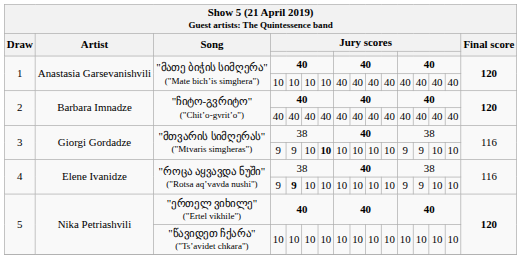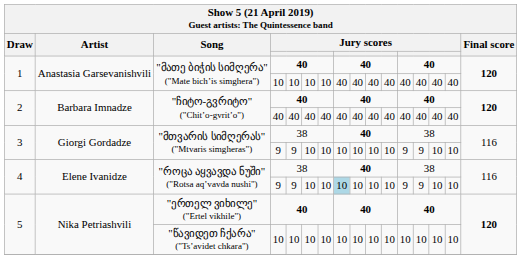 <table class="sortable wikitable" style="text-align:center;margin:1em auto 1em auto">
 <tr>
 <th colspan=16>Show 5 (21 April 2019)<br><small>Guest artists: The Quintessence band</small></th>
 </tr>
 <tr>
 <th rowspan=2>Draw</th>
 <th rowspan=2>Artist</th>
 <th rowspan=2>Song</th>
 <th colspan=12>Jury scores</th>
 <th rowspan=2>Final score</th>
 </tr>
 <tr>
 <th colspan=4><small></small></th>
 <th colspan=4><small></small></th>
 <th colspan=4><small></small></th>
 </tr>
 <tr>
 <td rowspan=2>1</td>
 <td rowspan=2>Anastasia Garsevanishvili</td>
 <td rowspan=2>"მათე ბიჭის სიმღერა"<br><small>("Mate bich’is simghera")</small></td>
 <td colspan=4><strong>40</strong></td>
 <td colspan=4><strong>40</strong></td>
 <td colspan=4><strong>40</strong></td>
 <td rowspan=2><strong>120</strong></td>
 </tr>
 <tr>
 <td>10</td>
 <td>10</td>
 <td>10</td>
 <td>10</td>
 <td>40</td>
 <td>40</td>
 <td>40</td>
 <td>40</td>
 <td>40</td>
 <td>40</td>
 <td>40</td>
 <td>40</td>
 </tr>
 <tr>
 <td rowspan=2>2</td>
 <td rowspan=2>Barbara Imnadze</td>
 <td rowspan=2>"ჩიტო-გვრიტო"<br><small>("Chit’o-gvrit’o")</small></td>
 <td colspan=4><strong>40</strong></td>
 <td colspan=4><strong>40</strong></td>
 <td colspan=4><strong>40</strong></td>
 <td rowspan=2><strong>120</strong></td>
 </tr>
 <tr>
 <td>40</td>
 <td>40</td>
 <td>40</td>
 <td>40</td>
 <td>40</td>
 <td>40</td>
 <td>40</td>
 <td>40</td>
 <td>40</td>
 <td>40</td>
 <td>40</td>
 <td>40</td>
 </tr>
 <tr>
 <td rowspan=2>3</td>
 <td rowspan=2>Giorgi Gordadze</td>
 <td rowspan=2>"მთვარის სიმღერას"<br><small>("Mtvaris simgheras")</small></td>
 <td colspan=4>38</td>
 <td colspan=4><strong>40</strong></td>
 <td colspan=4>38</td>
 <td rowspan=2>116</td>
 </tr>
 <tr>
 <td>9</td>
 <td>9</td>
 <td>10</td>
-<td><strong>10</strong></td>
+<td>10</td>
 <td>10</td>
 <td>10</td>
 <td>10</td>
 <td>10</td>
 <td>9</td>
 <td>9</td>
 <td>10</td>
 <td>10</td>
 </tr>
 <tr>
 <td rowspan=2>4</td>
 <td rowspan=2>Elene Ivanidze</td>
 <td rowspan=2>"როცა აყვავდა ნუში"<br><small>("Rotsa aq’vavda nushi")</small></td>
 <td colspan=4>38</td>
 <td colspan=4><strong>40</strong></td>
 <td colspan=4>38</td>
 <td rowspan=2>116</td>
 </tr>
 <tr>
 <td>9</td>
-<td><strong>9</strong></td>
+<td>9</td>
 <td>10</td>
 <td>10</td>
-<td>10</td>
+<td style="background: lightblue;">10</td>
 <td>10</td>
 <td>10</td>
 <td>10</td>
 <td>9</td>
 <td>9</td>
 <td>10</td>
 <td>10</td>
 </tr>
 <tr>
 <td rowspan=2>5</td>
 <td rowspan=2>Nika Petriashvili</td>
 <td>"ერთელ ვიხილე"<br><small>("Ertel vikhile")</small></td>
 <td colspan=4><strong>40</strong></td>
 <td colspan=4><strong>40</strong></td>
 <td colspan=4><strong>40</strong></td>
 <td rowspan=2><strong>120</strong></td>
 </tr>
 <tr>
 <td>"წავიდეთ ჩქარა"<br><small>("Ts’avidet chkara")</small></td>
 <td>10</td>
 <td>10</td>
 <td>10</td>
 <td>10</td>
 <td>10</td>
 <td>10</td>
 <td>10</td>
 <td>10</td>
 <td>10</td>
 <td>10</td>
 <td>10</td>
 <td>10</td>
 </tr>
 <tr>
 </tr>
 </table>
